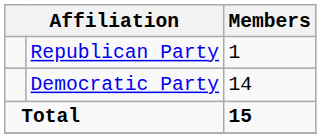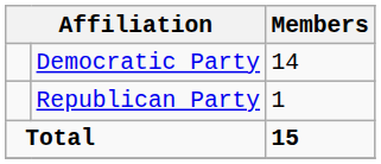 <table class="wikitable">
 <tr>
 <th colspan="2">Affiliation</th>
 <th>Members</th>
 </tr>
 <tr>
 <td style="background-color:"> </td>
-<td><a href='#'>Republican Party</a></td>
-<td>1</td>
+<td><a href='#'>Democratic Party</a></td>
+<td>14</td>
 </tr>
 <tr>
 <td style="background-color:"> </td>
-<td><a href='#'>Democratic Party</a></td>
-<td>14</td>
+<td><a href='#'>Republican Party</a></td>
+<td>1</td>
 </tr>
 <tr>
 <td colspan="2" rowspan="1"> <strong>Total</strong><br></td>
 <td><strong>15</strong></td>
 </tr>
 <tr>
 </tr>
 </table>
